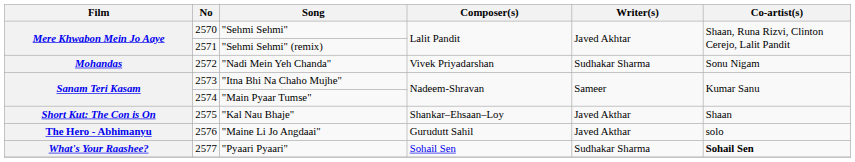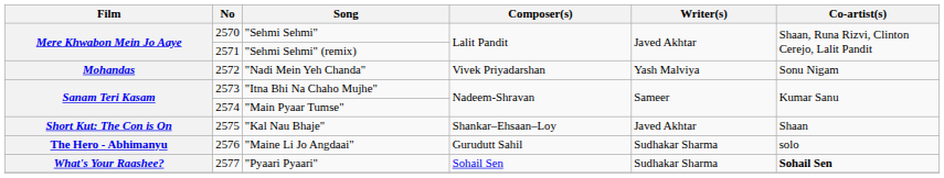 <table class="wikitable plainrowheaders" width="100%" textcolor:#000;">
 <tr style="background:#b0e0e66;">
 <th scope="col" width=23%><strong>Film</strong></th>
 <th><strong>No</strong></th>
 <th scope="col" width=23%><strong>Song</strong></th>
 <th scope="col" width=20%><strong>Composer(s)</strong></th>
 <th scope="col" width=16%><strong>Writer(s)</strong></th>
 <th scope="col" width=18%><strong>Co-artist(s)</strong></th>
 </tr>
 <tr>
 <th rowspan=2><em><a href='#'>Mere Khwabon Mein Jo Aaye</a></em></th>
 <td>2570</td>
 <td>"Sehmi Sehmi"</td>
 <td rowspan=2>Lalit Pandit</td>
 <td rowspan=2>Javed Akhtar</td>
 <td rowspan=2>Shaan, Runa Rizvi, Clinton Cerejo, Lalit Pandit</td>
 </tr>
 <tr>
 <td>2571</td>
 <td>"Sehmi Sehmi" (remix)</td>
 </tr>
 <tr>
 <th><em><a href='#'>Mohandas</a></em></th>
 <td>2572</td>
 <td>"Nadi Mein Yeh Chanda"</td>
 <td>Vivek Priyadarshan</td>
-<td>Sudhakar Sharma</td>
+<td>Yash Malviya</td>
 <td>Sonu Nigam</td>
 </tr>
 <tr>
 <th rowspan=2><em><a href='#'>Sanam Teri Kasam</a></em></th>
 <td>2573</td>
 <td>"Itna Bhi Na Chaho Mujhe"</td>
 <td rowspan=2>Nadeem-Shravan</td>
 <td rowspan=2>Sameer</td>
 <td rowspan=2>Kumar Sanu</td>
 </tr>
 <tr>
 <td>2574</td>
 <td>"Main Pyaar Tumse"</td>
 </tr>
 <tr>
 <th><em><a href='#'>Short Kut: The Con is On</a></em></th>
 <td>2575</td>
 <td>"Kal Nau Bhaje"</td>
 <td>Shankar–Ehsaan–Loy</td>
-<td>Javed Akthar</td>
+<td>Javed Akhtar</td>
 <td>Shaan</td>
 </tr>
 <tr>
 <th><a href='#'>The Hero - Abhimanyu</a></th>
 <td>2576</td>
 <td>"Maine Li Jo Angdaai"</td>
 <td>Gurudutt Sahil</td>
-<td>Javed Akthar</td>
+<td>Sudhakar Sharma</td>
 <td>solo</td>
 </tr>
 <tr>
 <th><em><a href='#'>What's Your Raashee?</a></em></th>
 <td>2577</td>
 <td>"Pyaari Pyaari"</td>
 <td><a href='#'>Sohail Sen</a></td>
 <td>Sudhakar Sharma</td>
 <td><strong>Sohail Sen</strong></td>
 </tr>
 <tr>
 </tr>
 </table>
